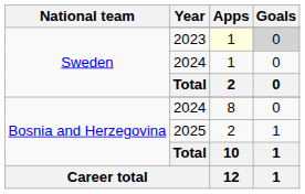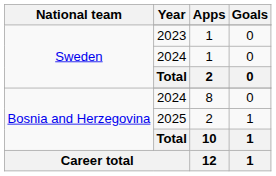 <table class="wikitable" style="text-align:center">
 <tr>
 <th>National team</th>
 <th>Year</th>
 <th>Apps</th>
 <th>Goals</th>
 </tr>
 <tr>
 <td rowspan=4><a href='#'>Sweden</a></td>
 </tr>
 <tr>
 <td>2023</td>
-<td style="background: lightyellow;">1</td>
-<td style="background: lightgrey;">0</td>
+<td>1</td>
+<td>0</td>
 </tr>
 <tr>
 <td>2024</td>
 <td>1</td>
 <td>0</td>
 </tr>
 <tr>
 <th>Total</th>
 <th>2</th>
 <th>0</th>
 </tr>
 <tr>
 <td rowspan=4><a href='#'>Bosnia and Herzegovina</a></td>
 </tr>
 <tr>
 <td>2024</td>
 <td>8</td>
 <td>0</td>
 </tr>
 <tr>
 <td>2025</td>
 <td>2</td>
 <td>1</td>
 </tr>
 <tr>
 <th>Total</th>
 <th>10</th>
 <th>1</th>
 </tr>
 <tr>
 <th colspan=2>Career total</th>
 <th>12</th>
 <th>1</th>
 </tr>
 </table>
